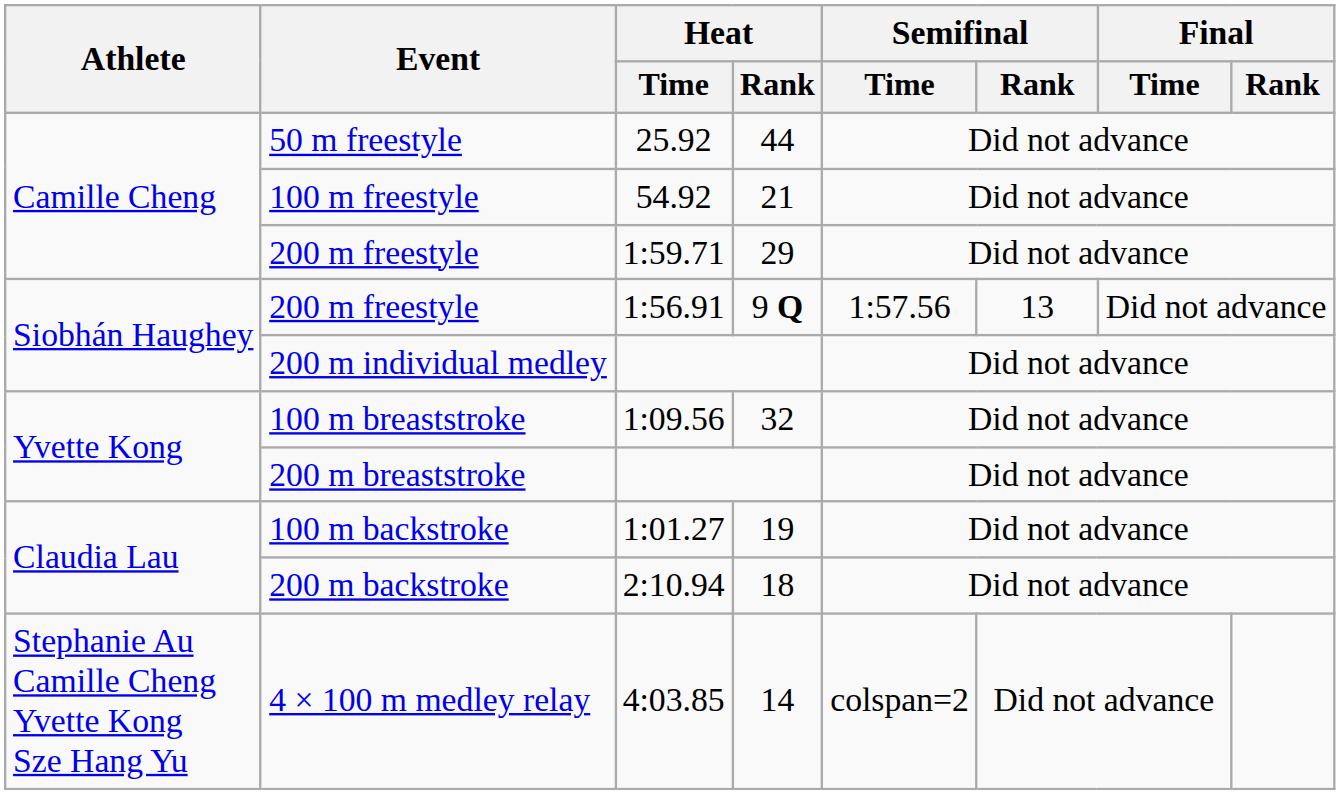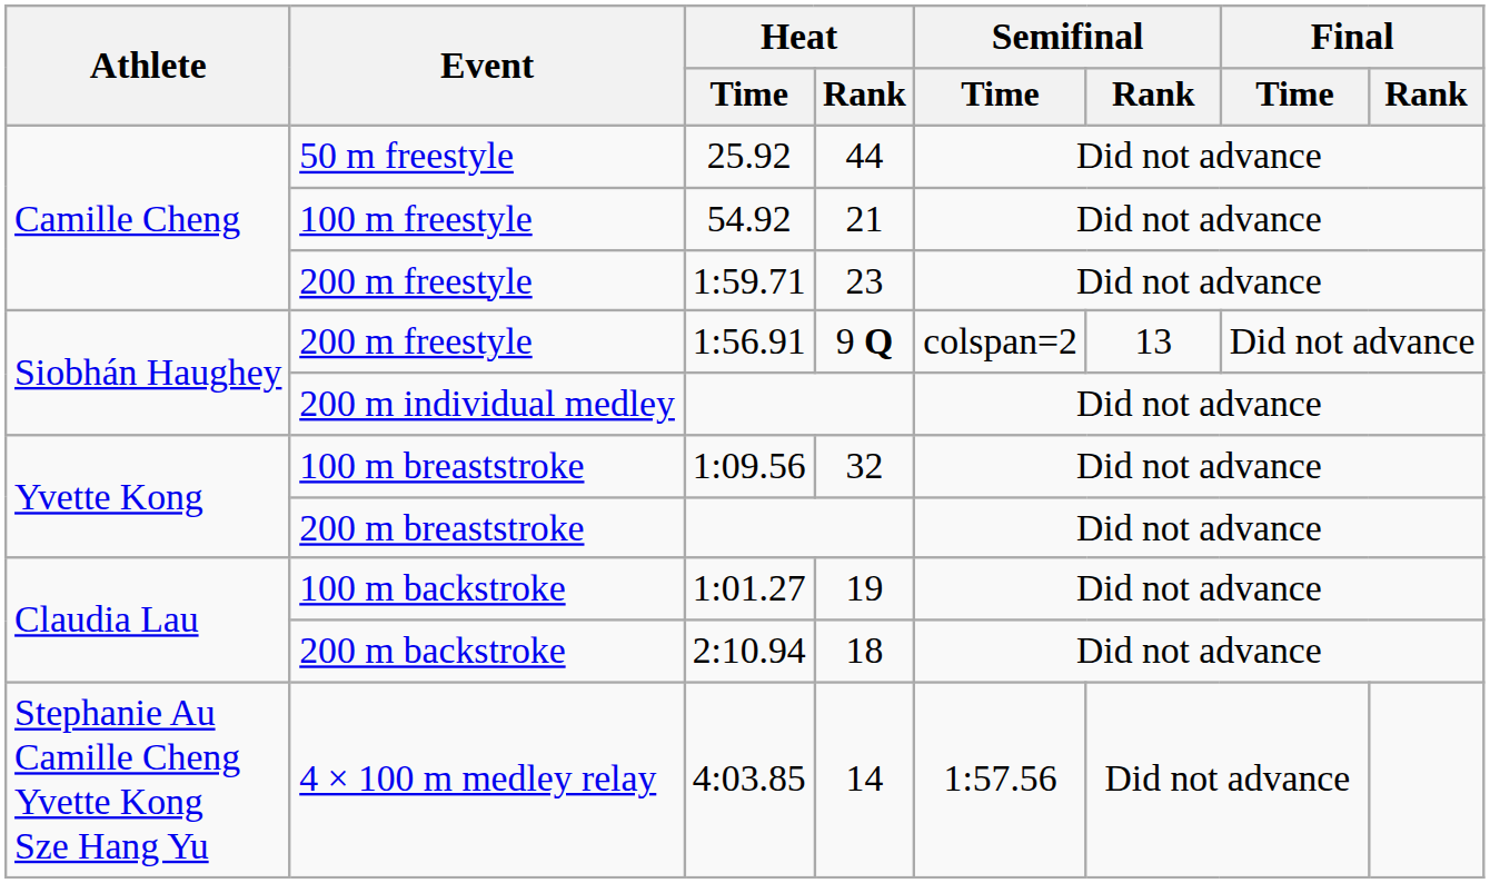 <table class=wikitable style="font-size:90%">
 <tr>
 <th rowspan="2">Athlete</th>
 <th rowspan="2">Event</th>
 <th colspan="2">Heat</th>
 <th colspan="2">Semifinal</th>
 <th colspan="2">Final</th>
 </tr>
 <tr style="font-size:95%">
 <th>Time</th>
 <th>Rank</th>
 <th>Time</th>
 <th>Rank</th>
 <th>Time</th>
 <th>Rank</th>
 </tr>
 <tr align=center>
 <td align=left rowspan=3><a href='#'>Camille Cheng</a></td>
 <td align=left><a href='#'>50 m freestyle</a></td>
 <td>25.92</td>
 <td>44</td>
 <td colspan=4>Did not advance</td>
 </tr>
 <tr align=center>
 <td align=left><a href='#'>100 m freestyle</a></td>
 <td>54.92</td>
 <td>21</td>
 <td colspan=4>Did not advance</td>
 </tr>
 <tr align=center>
 <td align=left><a href='#'>200 m freestyle</a></td>
 <td>1:59.71</td>
-<td>29</td>
+<td>23</td>
 <td colspan=4>Did not advance</td>
 </tr>
 <tr align=center>
 <td align=left rowspan=2><a href='#'>Siobhán Haughey</a></td>
 <td align=left><a href='#'>200 m freestyle</a></td>
 <td>1:56.91</td>
 <td>9 <strong>Q</strong></td>
-<td>1:57.56</td>
+<td>colspan=2 </td>
 <td>13</td>
 <td colspan=2>Did not advance</td>
 </tr>
 <tr align=center>
 <td align=left><a href='#'>200 m individual medley</a></td>
 <td colspan=2></td>
 <td colspan=4>Did not advance</td>
 </tr>
 <tr align=center>
 <td align=left rowspan=2><a href='#'>Yvette Kong</a></td>
 <td align=left><a href='#'>100 m breaststroke</a></td>
 <td>1:09.56</td>
 <td>32</td>
 <td colspan=4>Did not advance</td>
 </tr>
 <tr align=center>
 <td align=left><a href='#'>200 m breaststroke</a></td>
 <td colspan=2></td>
 <td colspan=4>Did not advance</td>
 </tr>
 <tr align=center>
 <td align=left rowspan=2><a href='#'>Claudia Lau</a></td>
 <td align=left><a href='#'>100 m backstroke</a></td>
 <td>1:01.27</td>
 <td>19</td>
 <td colspan=4>Did not advance</td>
 </tr>
 <tr align=center>
 <td align=left><a href='#'>200 m backstroke</a></td>
 <td>2:10.94</td>
 <td>18</td>
 <td colspan=4>Did not advance</td>
 </tr>
 <tr align=center>
 <td align=left><a href='#'>Stephanie Au</a><br><a href='#'>Camille Cheng</a><br><a href='#'>Yvette Kong</a><br><a href='#'>Sze Hang Yu</a></td>
 <td align=left><a href='#'>4 × 100 m medley relay</a></td>
 <td>4:03.85</td>
 <td>14</td>
-<td>colspan=2 </td>
+<td>1:57.56</td>
 <td colspan=2>Did not advance</td>
 </tr>
 </table>
